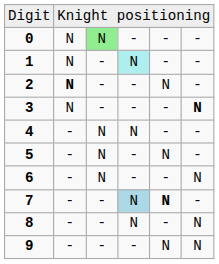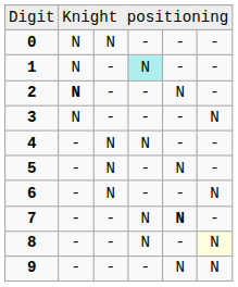 <table class=wikitable cellpadding="4" cellspacing="0">
 <tr style="background:#eeeeee;" align="center">
 <td>Digit</td>
 <td colspan="5">Knight positioning</td>
 </tr>
 <tr align="center">
 <td><strong>0</strong></td>
 <td>N</td>
-<td style="background: lightgreen;">N</td>
+<td>N</td>
 <td>-</td>
 <td>-</td>
 <td>-</td>
 </tr>
 <tr align="center">
 <td><strong>1</strong></td>
 <td>N</td>
 <td>-</td>
 <td style="background: paleturquoise;">N</td>
 <td>-</td>
 <td>-</td>
 </tr>
 <tr align="center">
 <td><strong>2</strong></td>
 <td><strong>N</strong></td>
 <td>-</td>
 <td>-</td>
 <td>N</td>
 <td>-</td>
 </tr>
 <tr align="center">
 <td><strong>3</strong></td>
 <td>N</td>
 <td>-</td>
 <td>-</td>
 <td>-</td>
-<td><strong>N</strong></td>
+<td>N</td>
 </tr>
 <tr align="center">
 <td><strong>4</strong></td>
 <td>-</td>
 <td>N</td>
 <td>N</td>
 <td>-</td>
 <td>-</td>
 </tr>
 <tr align="center">
 <td><strong>5</strong></td>
 <td>-</td>
 <td>N</td>
 <td>-</td>
 <td>N</td>
 <td>-</td>
 </tr>
 <tr align="center">
 <td><strong>6</strong></td>
 <td>-</td>
 <td>N</td>
 <td>-</td>
 <td>-</td>
 <td>N</td>
 </tr>
 <tr align="center">
 <td><strong>7</strong></td>
 <td>-</td>
 <td>-</td>
-<td style="background: lightblue;">N</td>
+<td>N</td>
 <td><strong>N</strong></td>
 <td>-</td>
 </tr>
 <tr align="center">
 <td><strong>8</strong></td>
 <td>-</td>
 <td>-</td>
 <td>N</td>
 <td>-</td>
-<td>N</td>
+<td style="background: lightyellow;">N</td>
 </tr>
 <tr align="center">
 <td><strong>9</strong></td>
 <td>-</td>
 <td>-</td>
 <td>-</td>
 <td>N</td>
 <td>N</td>
 </tr>
 </table>
